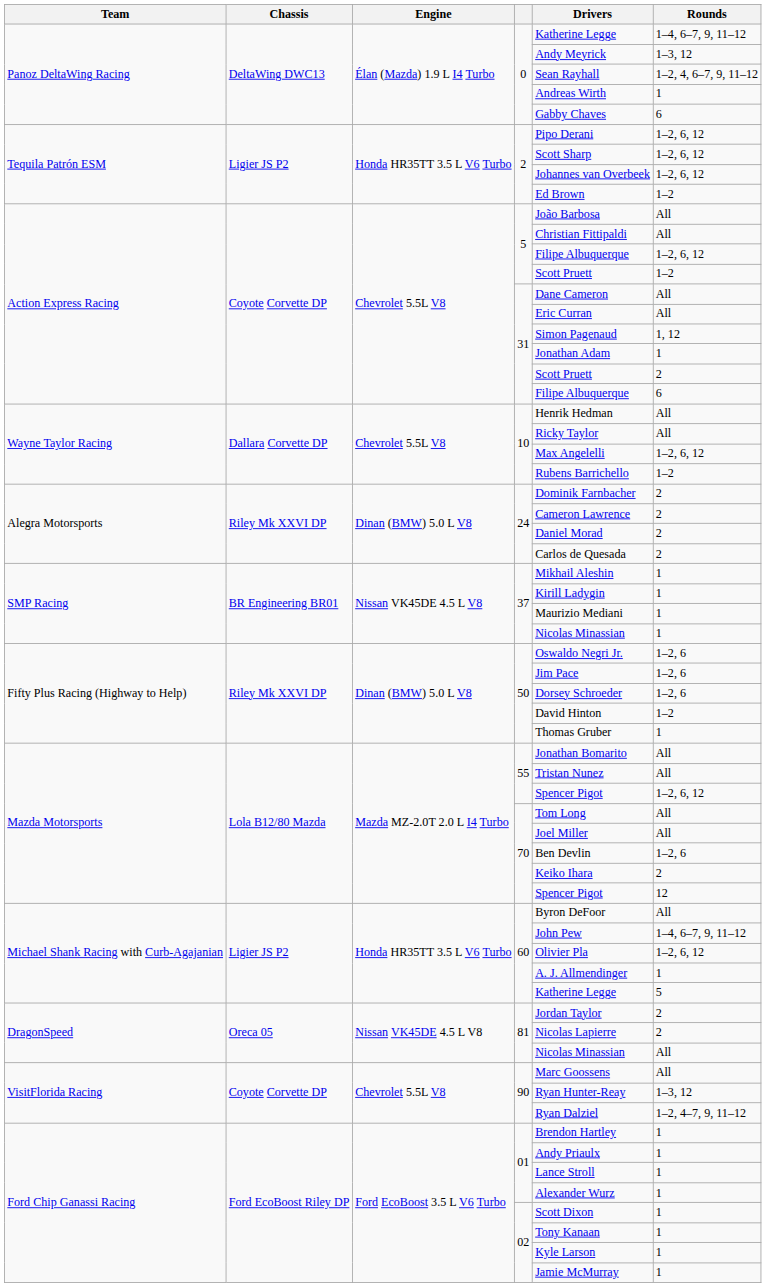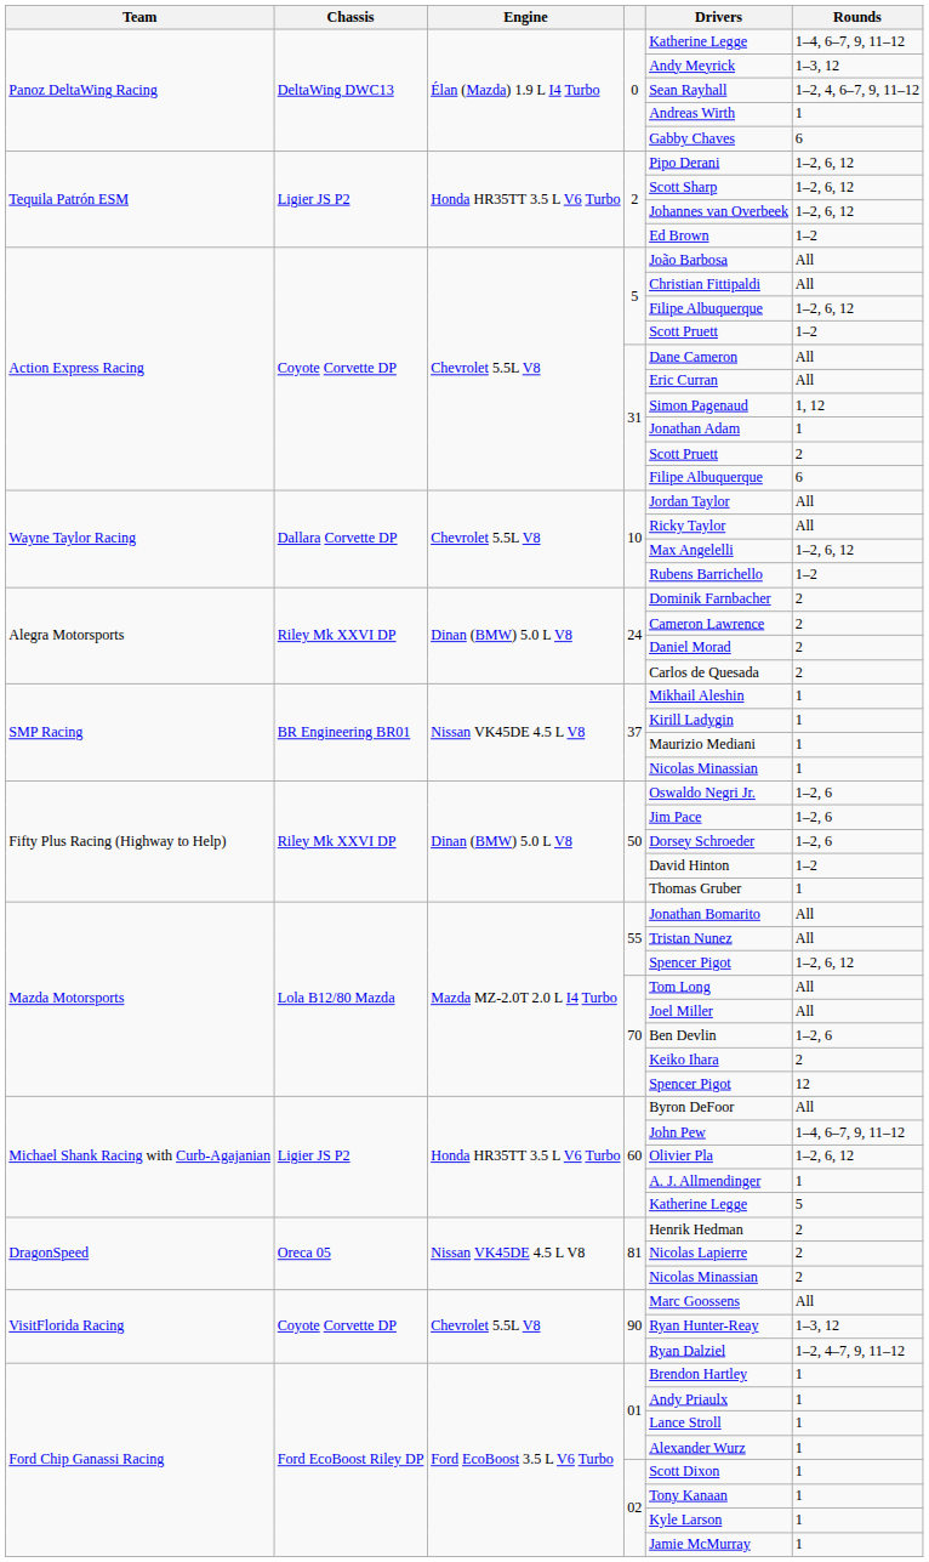 <table class="wikitable" style="font-size: 85%">
 <tr>
 <th>Team</th>
 <th>Chassis</th>
 <th>Engine</th>
 <th></th>
 <th>Drivers</th>
 <th>Rounds</th>
 </tr>
 <tr>
 <td rowspan=5> <a href='#'>Panoz DeltaWing Racing</a></td>
 <td rowspan=5><a href='#'>DeltaWing DWC13</a></td>
 <td rowspan=5><a href='#'>Élan</a> (<a href='#'>Mazda</a>) 1.9 L <a href='#'>I4</a> <a href='#'>Turbo</a></td>
 <td rowspan=5 align=middle>0</td>
 <td> <a href='#'>Katherine Legge</a></td>
 <td>1–4, 6–7, 9, 11–12</td>
 </tr>
 <tr>
 <td> <a href='#'>Andy Meyrick</a></td>
 <td>1–3, 12</td>
 </tr>
 <tr>
 <td> <a href='#'>Sean Rayhall</a></td>
 <td>1–2, 4, 6–7, 9, 11–12</td>
 </tr>
 <tr>
 <td> <a href='#'>Andreas Wirth</a></td>
 <td>1</td>
 </tr>
 <tr>
 <td> <a href='#'>Gabby Chaves</a></td>
 <td>6</td>
 </tr>
 <tr>
 <td rowspan=4> <a href='#'>Tequila Patrón ESM</a></td>
 <td rowspan=4><a href='#'>Ligier JS P2</a></td>
 <td rowspan=4><a href='#'>Honda</a> HR35TT 3.5 L <a href='#'>V6</a> <a href='#'>Turbo</a></td>
 <td rowspan=4 align=middle>2</td>
 <td> <a href='#'>Pipo Derani</a></td>
 <td>1–2, 6, 12</td>
 </tr>
 <tr>
 <td> <a href='#'>Scott Sharp</a></td>
 <td>1–2, 6, 12</td>
 </tr>
 <tr>
 <td> <a href='#'>Johannes van Overbeek</a></td>
 <td>1–2, 6, 12</td>
 </tr>
 <tr>
 <td> <a href='#'>Ed Brown</a></td>
 <td>1–2</td>
 </tr>
 <tr>
 <td rowspan=10> <a href='#'>Action Express Racing</a></td>
 <td rowspan=10><a href='#'>Coyote</a> <a href='#'>Corvette DP</a></td>
 <td rowspan=10><a href='#'>Chevrolet</a> 5.5L <a href='#'>V8</a></td>
 <td rowspan=4 align=middle>5</td>
 <td> <a href='#'>João Barbosa</a></td>
 <td>All</td>
 </tr>
 <tr>
 <td> <a href='#'>Christian Fittipaldi</a></td>
 <td>All</td>
 </tr>
 <tr>
 <td> <a href='#'>Filipe Albuquerque</a></td>
 <td>1–2, 6, 12</td>
 </tr>
 <tr>
 <td> <a href='#'>Scott Pruett</a></td>
 <td>1–2</td>
 </tr>
 <tr>
 <td rowspan=6 align=middle>31</td>
 <td> <a href='#'>Dane Cameron</a></td>
 <td>All</td>
 </tr>
 <tr>
 <td> <a href='#'>Eric Curran</a></td>
 <td>All</td>
 </tr>
 <tr>
 <td> <a href='#'>Simon Pagenaud</a></td>
 <td>1, 12</td>
 </tr>
 <tr>
 <td> <a href='#'>Jonathan Adam</a></td>
 <td>1</td>
 </tr>
 <tr>
 <td> <a href='#'>Scott Pruett</a></td>
 <td>2</td>
 </tr>
 <tr>
 <td> <a href='#'>Filipe Albuquerque</a></td>
 <td>6</td>
 </tr>
 <tr>
 <td rowspan=4> <a href='#'>Wayne Taylor Racing</a></td>
 <td rowspan=4><a href='#'>Dallara</a> <a href='#'>Corvette DP</a></td>
 <td rowspan=4><a href='#'>Chevrolet</a> 5.5L <a href='#'>V8</a></td>
 <td rowspan=4 align=middle>10</td>
-<td> Henrik Hedman</td>
+<td> <a href='#'>Jordan Taylor</a></td>
 <td>All</td>
 </tr>
 <tr>
 <td> <a href='#'>Ricky Taylor</a></td>
 <td>All</td>
 </tr>
 <tr>
 <td> <a href='#'>Max Angelelli</a></td>
 <td>1–2, 6, 12</td>
 </tr>
 <tr>
 <td> <a href='#'>Rubens Barrichello</a></td>
 <td>1–2</td>
 </tr>
 <tr>
 <td rowspan=4> Alegra Motorsports</td>
 <td rowspan=4><a href='#'>Riley Mk XXVI DP</a></td>
 <td rowspan=4><a href='#'>Dinan</a> (<a href='#'>BMW</a>) 5.0 L <a href='#'>V8</a></td>
 <td rowspan=4 align=middle>24</td>
 <td> <a href='#'>Dominik Farnbacher</a></td>
 <td>2</td>
 </tr>
 <tr>
 <td> <a href='#'>Cameron Lawrence</a></td>
 <td>2</td>
 </tr>
 <tr>
 <td> <a href='#'>Daniel Morad</a></td>
 <td>2</td>
 </tr>
 <tr>
 <td> Carlos de Quesada</td>
 <td>2</td>
 </tr>
 <tr>
 <td rowspan=4> <a href='#'>SMP Racing</a></td>
 <td rowspan=4><a href='#'>BR Engineering BR01</a></td>
 <td rowspan=4><a href='#'>Nissan</a> VK45DE 4.5 L <a href='#'>V8</a></td>
 <td rowspan=4 align=middle>37</td>
 <td> <a href='#'>Mikhail Aleshin</a></td>
 <td>1</td>
 </tr>
 <tr>
 <td> <a href='#'>Kirill Ladygin</a></td>
 <td>1</td>
 </tr>
 <tr>
 <td> Maurizio Mediani</td>
 <td>1</td>
 </tr>
 <tr>
 <td> <a href='#'>Nicolas Minassian</a></td>
 <td>1</td>
 </tr>
 <tr>
 <td rowspan=5> Fifty Plus Racing (Highway to Help)</td>
 <td rowspan=5><a href='#'>Riley Mk XXVI DP</a></td>
 <td rowspan=5><a href='#'>Dinan</a> (<a href='#'>BMW</a>) 5.0 L <a href='#'>V8</a></td>
 <td rowspan=5 align=middle>50</td>
 <td> <a href='#'>Oswaldo Negri Jr.</a></td>
 <td>1–2, 6</td>
 </tr>
 <tr>
 <td> <a href='#'>Jim Pace</a></td>
 <td>1–2, 6</td>
 </tr>
 <tr>
 <td> <a href='#'>Dorsey Schroeder</a></td>
 <td>1–2, 6</td>
 </tr>
 <tr>
 <td> David Hinton</td>
 <td>1–2</td>
 </tr>
 <tr>
 <td> Thomas Gruber</td>
 <td>1</td>
 </tr>
 <tr>
 <td rowspan=8> <a href='#'>Mazda Motorsports</a></td>
 <td rowspan=8><a href='#'>Lola B12/80 Mazda</a></td>
 <td rowspan=8><a href='#'>Mazda</a> MZ-2.0T 2.0 L <a href='#'>I4</a> <a href='#'>Turbo</a></td>
 <td rowspan=3 align=middle>55</td>
 <td> <a href='#'>Jonathan Bomarito</a></td>
 <td>All</td>
 </tr>
 <tr>
 <td> <a href='#'>Tristan Nunez</a></td>
 <td>All</td>
 </tr>
 <tr>
 <td> <a href='#'>Spencer Pigot</a></td>
 <td>1–2, 6, 12</td>
 </tr>
 <tr>
 <td rowspan=5 align=middle>70</td>
 <td> <a href='#'>Tom Long</a></td>
 <td>All</td>
 </tr>
 <tr>
 <td> <a href='#'>Joel Miller</a></td>
 <td>All</td>
 </tr>
 <tr>
 <td> Ben Devlin</td>
 <td>1–2, 6</td>
 </tr>
 <tr>
 <td> <a href='#'>Keiko Ihara</a></td>
 <td>2</td>
 </tr>
 <tr>
 <td> <a href='#'>Spencer Pigot</a></td>
 <td>12</td>
 </tr>
 <tr>
 <td rowspan=5> <a href='#'>Michael Shank Racing</a> with <a href='#'>Curb-Agajanian</a></td>
 <td rowspan=5><a href='#'>Ligier JS P2</a></td>
 <td rowspan=5><a href='#'>Honda</a> HR35TT 3.5 L <a href='#'>V6</a> <a href='#'>Turbo</a></td>
 <td rowspan=5 align=middle>60</td>
 <td> Byron DeFoor</td>
 <td>All</td>
 </tr>
 <tr>
 <td> <a href='#'>John Pew</a></td>
 <td>1–4, 6–7, 9, 11–12</td>
 </tr>
 <tr>
 <td> <a href='#'>Olivier Pla</a></td>
 <td>1–2, 6, 12</td>
 </tr>
 <tr>
 <td> <a href='#'>A. J. Allmendinger</a></td>
 <td>1</td>
 </tr>
 <tr>
 <td> <a href='#'>Katherine Legge</a></td>
 <td>5</td>
 </tr>
 <tr>
 <td rowspan=3> <a href='#'>DragonSpeed</a></td>
 <td rowspan=3><a href='#'>Oreca 05</a></td>
 <td rowspan=3><a href='#'>Nissan</a> <a href='#'>VK45DE</a> 4.5 L V8</td>
 <td rowspan=3 align=middle>81</td>
-<td> <a href='#'>Jordan Taylor</a></td>
+<td> Henrik Hedman</td>
 <td>2</td>
 </tr>
 <tr>
 <td> <a href='#'>Nicolas Lapierre</a></td>
 <td>2</td>
 </tr>
 <tr>
 <td> <a href='#'>Nicolas Minassian</a></td>
-<td>All</td>
+<td>2</td>
 </tr>
 <tr>
 <td rowspan=3> <a href='#'>VisitFlorida Racing</a></td>
 <td rowspan=3><a href='#'>Coyote</a> <a href='#'>Corvette DP</a></td>
 <td rowspan=3><a href='#'>Chevrolet</a> 5.5L <a href='#'>V8</a></td>
 <td rowspan=3 align=middle>90</td>
 <td> <a href='#'>Marc Goossens</a></td>
 <td>All</td>
 </tr>
 <tr>
 <td> <a href='#'>Ryan Hunter-Reay</a></td>
 <td>1–3, 12</td>
 </tr>
 <tr>
 <td> <a href='#'>Ryan Dalziel</a></td>
 <td>1–2, 4–7, 9, 11–12</td>
 </tr>
 <tr>
 <td rowspan=8> <a href='#'>Ford Chip Ganassi Racing</a></td>
 <td rowspan=8><a href='#'>Ford EcoBoost Riley DP</a></td>
 <td rowspan=8><a href='#'>Ford</a> <a href='#'>EcoBoost</a> 3.5 L <a href='#'>V6</a> <a href='#'>Turbo</a></td>
 <td rowspan=4 align=middle>01</td>
 <td> <a href='#'>Brendon Hartley</a></td>
 <td>1</td>
 </tr>
 <tr>
 <td> <a href='#'>Andy Priaulx</a></td>
 <td>1</td>
 </tr>
 <tr>
 <td> <a href='#'>Lance Stroll</a></td>
 <td>1</td>
 </tr>
 <tr>
 <td> <a href='#'>Alexander Wurz</a></td>
 <td>1</td>
 </tr>
 <tr>
 <td rowspan=4 align=middle>02</td>
 <td> <a href='#'>Scott Dixon</a></td>
 <td>1</td>
 </tr>
 <tr>
 <td> <a href='#'>Tony Kanaan</a></td>
 <td>1</td>
 </tr>
 <tr>
 <td> <a href='#'>Kyle Larson</a></td>
 <td>1</td>
 </tr>
 <tr>
 <td> <a href='#'>Jamie McMurray</a></td>
 <td>1</td>
 </tr>
 </table>
